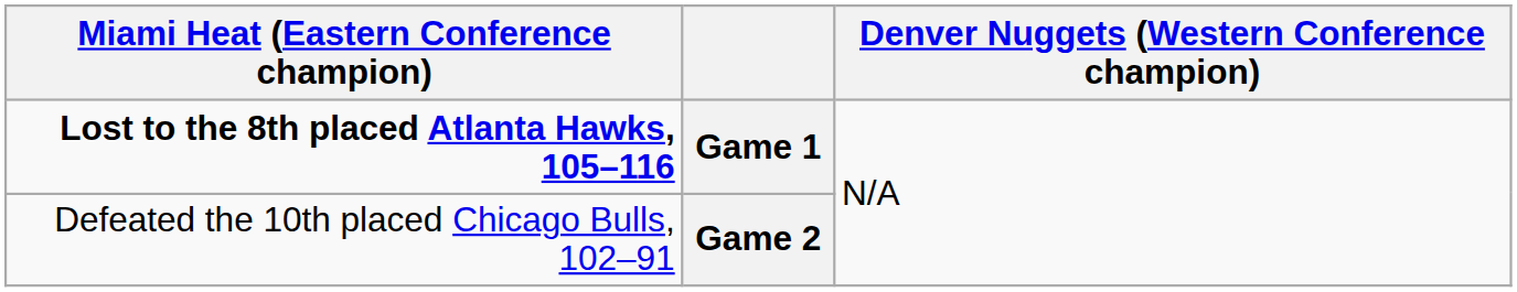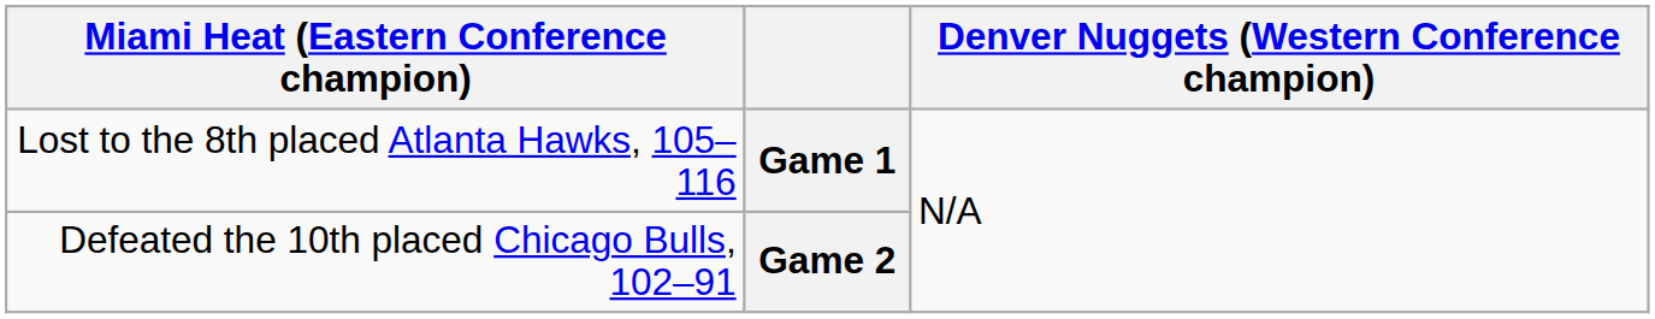 <table style="width:100%; font-size:90%" class="wikitable">
 <tr valign=top>
 <th style="width:45%;"><a href='#'>Miami Heat</a> (<a href='#'>Eastern Conference</a> champion)</th>
 <th></th>
 <th style="width:45%;"><a href='#'>Denver Nuggets</a> (<a href='#'>Western Conference</a> champion)</th>
 </tr>
 <tr>
-<td align=right><strong>Lost to the 8th placed <a href='#'>Atlanta Hawks</a>, <a href='#'>105–116</a></strong></td>
+<td align=right>Lost to the 8th placed <a href='#'>Atlanta Hawks</a>, <a href='#'>105–116</a></td>
 <th>Game 1</th>
 <td align=left rowspan=2>N/A</td>
 </tr>
 <tr>
 <td align=right>Defeated the 10th placed <a href='#'>Chicago Bulls</a>, <a href='#'>102–91</a></td>
 <th>Game 2</th>
 </tr>
 </table>
